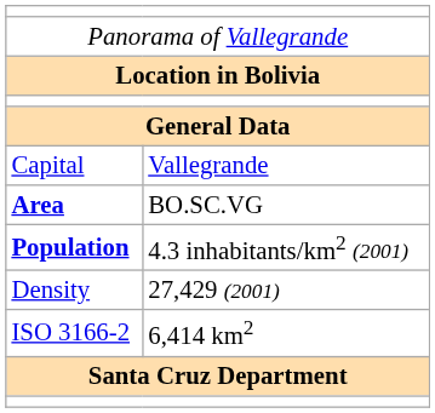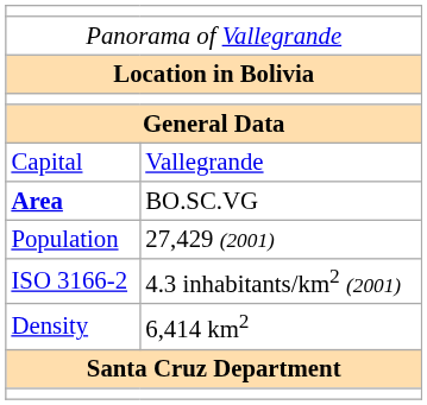 <table border=1 align=right cellpadding=3 cellspacing=0 width=270 style="margin: 0 0 1em 1em; border: 1px #aaa solid; border-collapse: collapse;">
 <tr>
 <td colspan="2" align="center" bgcolor="#ffffff"></td>
 </tr>
 <tr>
 <td colspan="2" align="center" bgcolor="#ffffff"><em>Panorama of <a href='#'>Vallegrande</a></em></td>
 </tr>
 <tr>
 <th colspan="2" bgcolor="#FFDEAD">Location in Bolivia</th>
 </tr>
 <tr>
 <td colspan="2" align="center" bgcolor="#ffffff"></td>
 </tr>
 <tr>
 <th colspan="2" bgcolor="#FFDEAD">General Data</th>
 </tr>
 <tr>
 <td><a href='#'>Capital</a></td>
 <td><a href='#'>Vallegrande</a></td>
 </tr>
 <tr>
 <td><strong><a href='#'>Area</a></strong></td>
 <td>BO.SC.VG</td>
 </tr>
 <tr>
-<td><strong><a href='#'>Population</a></strong></td>
+<td><a href='#'>Population</a></td>
+<td>27,429 <em><small>(2001)</small></em></td>
+</tr>
+<tr>
+<td><a href='#'>ISO 3166-2</a></td>
 <td>4.3 inhabitants/km<sup>2</sup> <em><small>(2001)</small></em></td>
 </tr>
 <tr>
 <td><a href='#'>Density</a></td>
-<td>27,429 <em><small>(2001)</small></em></td>
-</tr>
-<tr>
-<td><a href='#'>ISO 3166-2</a></td>
 <td>6,414 km<sup>2</sup></td>
 </tr>
 <tr>
 <th colspan="2" bgcolor="#FFDEAD">Santa Cruz Department</th>
 </tr>
 <tr>
 <td colspan="2" align="center" bgcolor="#ffffff"></td>
 </tr>
 </table>
